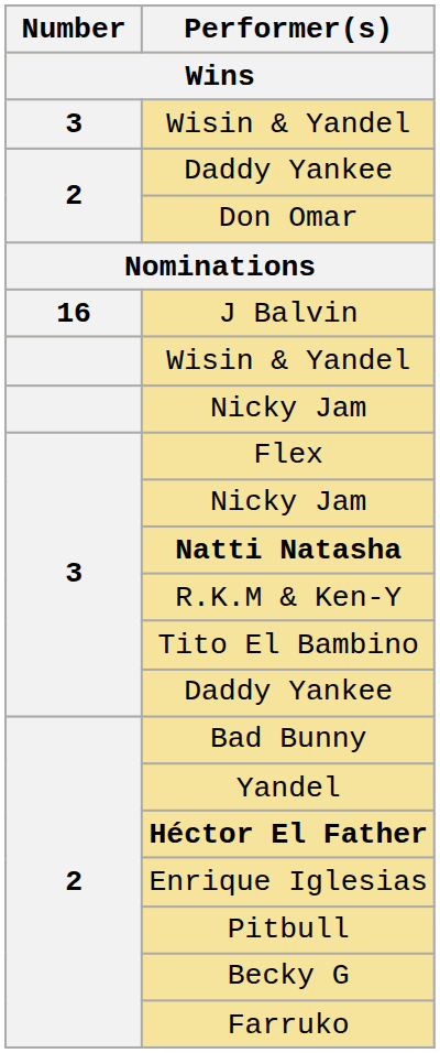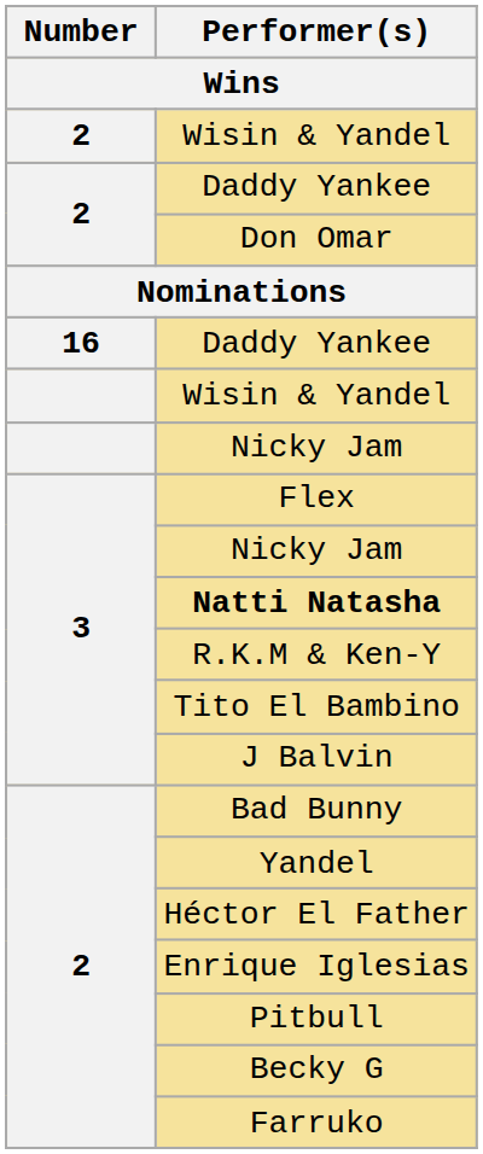 <table class="wikitable" rowspan=2 style="text-align: center; background: #f6e39c">
 <tr>
 <th scope="col" style="width:55px;">Number</th>
 <th scope="col" style="text-align:center;">Performer(s)</th>
 </tr>
 <tr>
 <th colspan="2">Wins</th>
 </tr>
 <tr>
-<th scope="row" rowspan=1 style="text-align:center">3</th>
+<th scope="row" rowspan=1 style="text-align:center">2</th>
 <td>Wisin & Yandel</td>
 </tr>
 <tr>
 <th scope="row" rowspan=2 style="text-align:center">2</th>
 <td>Daddy Yankee</td>
 </tr>
 <tr>
 <td>Don Omar</td>
 </tr>
 <tr>
 <th colspan="2">Nominations</th>
 </tr>
 <tr>
 <th scope="row" rowspan=1 style="text-align:center">16</th>
-<td>J Balvin</td>
+<td>Daddy Yankee</td>
 </tr>
 <tr>
 <th scope="row"></th>
 <td>Wisin & Yandel</td>
 </tr>
 <tr>
 <th scope="row"></th>
 <td>Nicky Jam</td>
 </tr>
 <tr>
 <th scope="row" rowspan=6 style="text-align:center">3</th>
 <td>Flex</td>
 </tr>
 <tr>
 <td>Nicky Jam</td>
 </tr>
 <tr>
 <td><strong>Natti Natasha</strong></td>
 </tr>
 <tr>
 <td>R.K.M & Ken-Y</td>
 </tr>
 <tr>
 <td>Tito El Bambino</td>
 </tr>
 <tr>
-<td>Daddy Yankee</td>
+<td>J Balvin</td>
 </tr>
 <tr>
 <th scope="row" rowspan=7 style="text-align:center">2</th>
 <td>Bad Bunny</td>
 </tr>
 <tr>
 <td>Yandel</td>
 </tr>
 <tr>
-<td><strong>Héctor El Father</strong></td>
+<td>Héctor El Father</td>
 </tr>
 <tr>
 <td>Enrique Iglesias</td>
 </tr>
 <tr>
 <td>Pitbull</td>
 </tr>
 <tr>
 <td>Becky G</td>
 </tr>
 <tr>
 <td>Farruko</td>
 </tr>
 </table>
